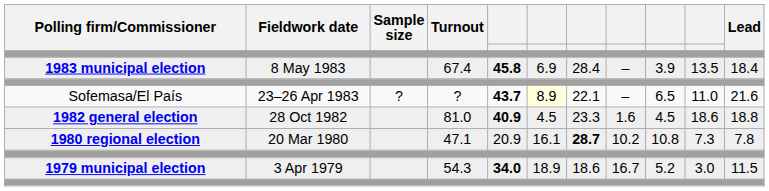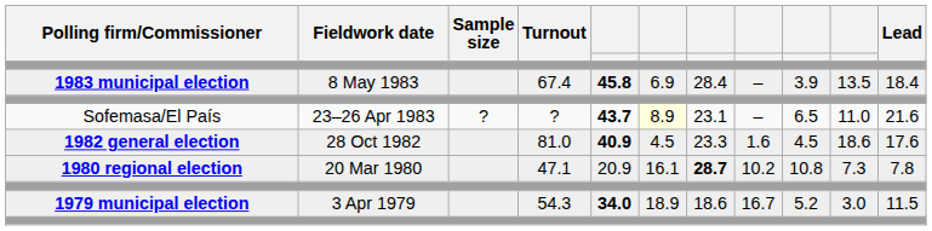 <table class="wikitable collapsible collapsed" style="text-align:center; font-size:95%; line-height:16px;">
 <tr style="height:42px;">
 <th style="width:250px;" rowspan="2">Polling firm/Commissioner</th>
 <th style="width:125px;" rowspan="2">Fieldwork date</th>
 <th style="width:50px;" rowspan="2">Sample size</th>
 <th style="width:45px;" rowspan="2">Turnout</th>
 <th style="width:35px;"></th>
 <th style="width:35px;"></th>
 <th style="width:35px;"></th>
 <th style="width:35px;"></th>
 <th style="width:35px;"></th>
 <th style="width:35px;"></th>
 <th style="width:30px;" rowspan="2">Lead</th>
 </tr>
 <tr>
 <th style="color:inherit;background:"></th>
 <th style="color:inherit;background:"></th>
 <th style="color:inherit;background:"></th>
 <th style="color:inherit;background:"></th>
 <th style="color:inherit;background:"></th>
 <th style="color:inherit;background:"></th>
 </tr>
 <tr>
 <td colspan="11" style="background:#A0A0A0"></td>
 </tr>
 <tr style="background:#EFEFEF;">
 <td><strong><a href='#'>1983 municipal election</a></strong></td>
 <td>8 May 1983</td>
 <td></td>
 <td>67.4</td>
 <td><strong>45.8</strong><br></td>
 <td>6.9<br></td>
 <td>28.4<br></td>
 <td>–</td>
 <td>3.9<br></td>
 <td>13.5<br></td>
 <td style="background:">18.4</td>
 </tr>
 <tr>
 <td colspan="11" style="background:#A0A0A0"></td>
 </tr>
 <tr>
 <td>Sofemasa/El País</td>
 <td>23–26 Apr 1983</td>
 <td>?</td>
 <td>?</td>
 <td><strong>43.7</strong><br></td>
 <td style="background: lightyellow;">8.9<br></td>
-<td>22.1<br></td>
+<td>23.1<br></td>
 <td>–</td>
 <td>6.5<br></td>
 <td>11.0<br></td>
 <td style="background:">21.6</td>
 </tr>
 <tr style="background:#EFEFEF;">
 <td><strong><a href='#'>1982 general election</a></strong></td>
 <td>28 Oct 1982</td>
 <td></td>
 <td>81.0</td>
 <td><strong>40.9</strong><br></td>
 <td>4.5<br></td>
 <td>23.3<br></td>
 <td>1.6<br></td>
 <td>4.5<br></td>
 <td>18.6<br></td>
-<td style="background:">18.8</td>
+<td style="background:">17.6</td>
 </tr>
 <tr style="background:#EFEFEF;">
 <td><strong><a href='#'>1980 regional election</a></strong></td>
 <td>20 Mar 1980</td>
 <td></td>
 <td>47.1</td>
 <td>20.9<br></td>
 <td>16.1<br></td>
 <td><strong>28.7</strong><br></td>
 <td>10.2<br></td>
 <td>10.8<br></td>
 <td>7.3<br></td>
 <td style="background:">7.8</td>
 </tr>
 <tr>
 <td colspan="11" style="background:#A0A0A0"></td>
 </tr>
 <tr style="background:#EFEFEF;">
 <td><strong><a href='#'>1979 municipal election</a></strong></td>
 <td>3 Apr 1979</td>
 <td></td>
 <td>54.3</td>
 <td><strong>34.0</strong><br></td>
 <td>18.9<br></td>
 <td>18.6<br></td>
 <td>16.7<br></td>
 <td>5.2<br></td>
 <td>3.0<br></td>
 <td style="background:">11.5</td>
 </tr>
 <tr>
 <td colspan="11" style="background:#A0A0A0"></td>
 </tr>
 </table>
